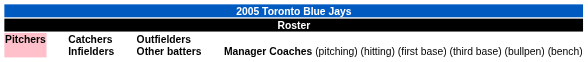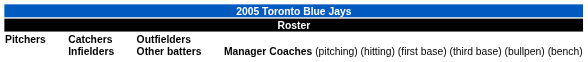 <table class="toccolours" style="font-size: 95%;">
 <tr>
 <th colspan="10" style="background-color: #005ac0; color: #FFFFFF; text-align: center;">2005 Toronto Blue Jays</th>
 </tr>
 <tr>
 <td colspan="10" style="background-color: black; color: white; text-align: center;"><strong>Roster</strong></td>
 </tr>
 <tr>
-<td valign="top" style="background: pink;"><strong>Pitchers</strong><br>                 </td>
+<td valign="top"><strong>Pitchers</strong><br>                 </td>
 <td width="25px"></td>
 <td valign="top"><strong>Catchers</strong><br>     <strong>Infielders</strong>        </td>
 <td width="25px"></td>
 <td valign="top"><strong>Outfielders</strong><br>     <strong>Other batters</strong> </td>
 <td width="25px"></td>
 <td valign="top"><br><strong>Manager</strong>  <strong>Coaches</strong>  (pitching)  (hitting)  (first base)  (third base)  (bullpen)  (bench)</td>
 </tr>
 </table>
